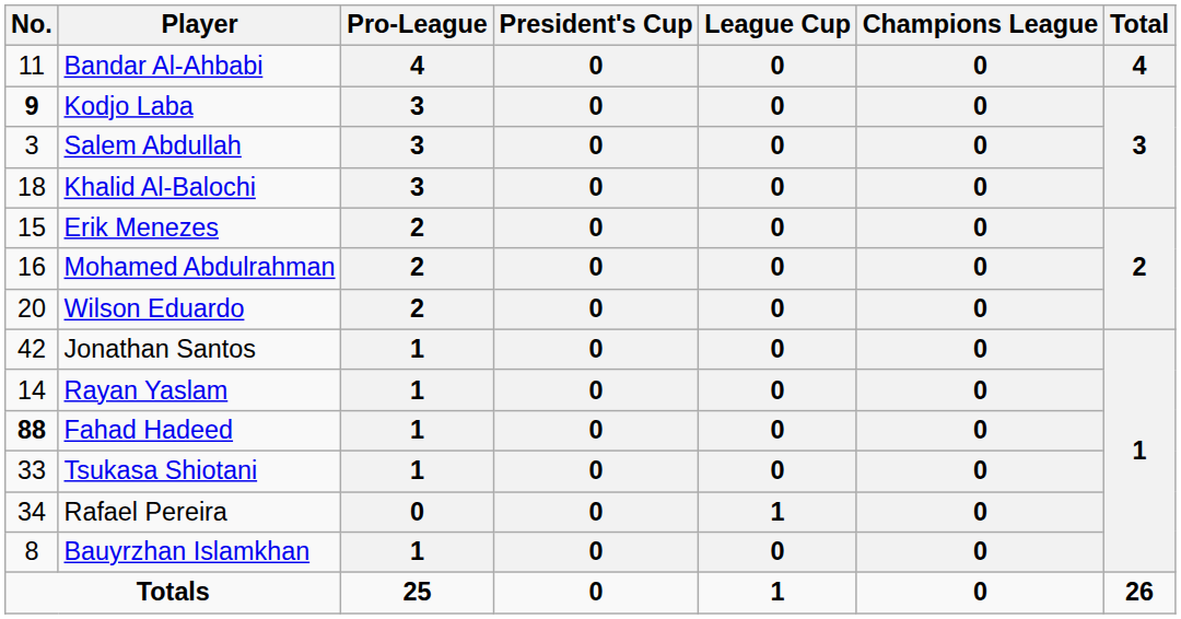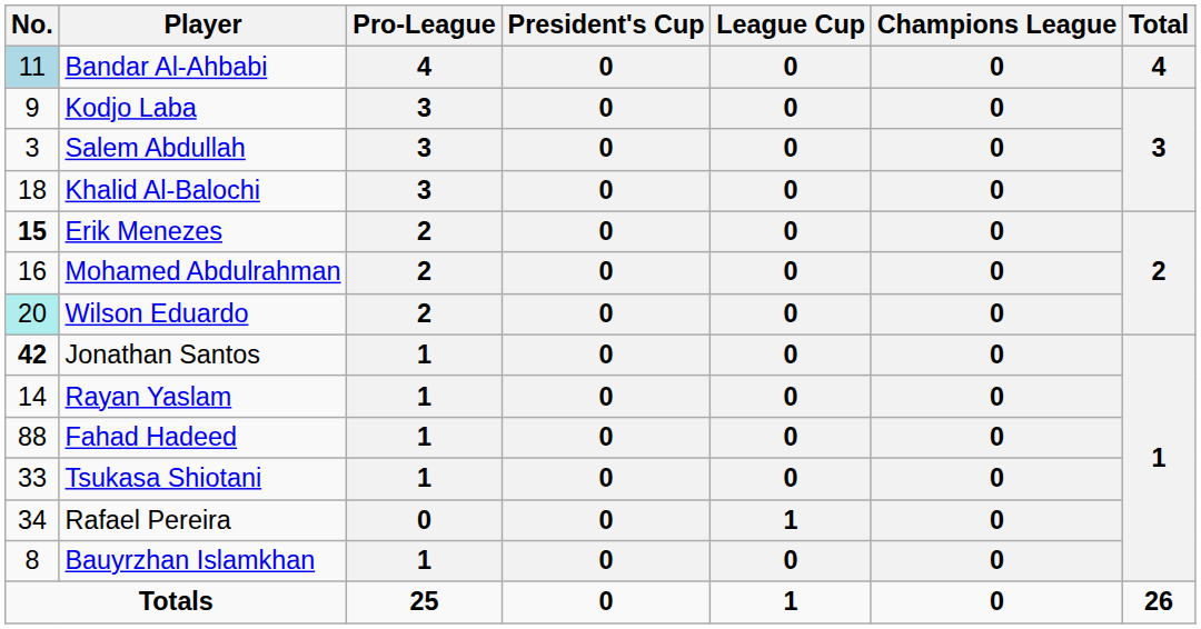 <table class=wikitable>
 <tr>
 <th>No.</th>
 <th>Player</th>
 <th>Pro-League</th>
 <th>President's Cup</th>
 <th>League Cup</th>
 <th>Champions League</th>
 <th>Total</th>
 </tr>
 <tr>
-<td align="center">11</td>
+<td align="center" style="background: lightblue;">11</td>
 <td align=left> <a href='#'>Bandar Al-Ahbabi</a></td>
 <th align="center">4</th>
 <th>0</th>
 <th>0</th>
 <th>0</th>
 <th rowspan=1 align="center"><strong>4</strong></th>
 </tr>
 <tr>
-<td align="center"><strong>9</strong></td>
+<td align="center">9</td>
 <td align=left> <a href='#'>Kodjo Laba</a></td>
 <th align="center">3</th>
 <th>0</th>
 <th>0</th>
 <th>0</th>
 <th rowspan=3 align="center"><strong>3</strong></th>
 </tr>
 <tr>
 <td align="center">3</td>
 <td align=left> <a href='#'>Salem Abdullah</a></td>
 <th align="center">3</th>
 <th>0</th>
 <th>0</th>
 <th>0</th>
 </tr>
 <tr>
 <td align="center">18</td>
 <td align=left> <a href='#'>Khalid Al-Balochi</a></td>
 <th align="center">3</th>
 <th>0</th>
 <th>0</th>
 <th>0</th>
 </tr>
 <tr>
-<td align="center">15</td>
+<td align="center"><strong>15</strong></td>
 <td align=left> <a href='#'>Erik Menezes</a></td>
 <th align="center">2</th>
 <th>0</th>
 <th>0</th>
 <th>0</th>
 <th rowspan=3 align="center"><strong>2</strong></th>
 </tr>
 <tr>
 <td align="center">16</td>
 <td align=left> <a href='#'>Mohamed Abdulrahman</a></td>
 <th align="center">2</th>
 <th>0</th>
 <th>0</th>
 <th>0</th>
 </tr>
 <tr>
-<td align="center">20</td>
+<td align="center" style="background: paleturquoise;">20</td>
 <td align=left> <a href='#'>Wilson Eduardo</a></td>
 <th align="center">2</th>
 <th>0</th>
 <th>0</th>
 <th>0</th>
 </tr>
 <tr>
-<td align="center">42</td>
+<td align="center"><strong>42</strong></td>
 <td align=left> Jonathan Santos</td>
 <th align="center">1</th>
 <th>0</th>
 <th>0</th>
 <th>0</th>
 <th rowspan=6 align="center">1</th>
 </tr>
 <tr>
 <td align="center">14</td>
 <td align=left> <a href='#'>Rayan Yaslam</a></td>
 <th align="center">1</th>
 <th>0</th>
 <th>0</th>
 <th>0</th>
 </tr>
 <tr>
-<td align="center"><strong>88</strong></td>
+<td align="center">88</td>
 <td align=left> <a href='#'>Fahad Hadeed</a></td>
 <th align="center">1</th>
 <th>0</th>
 <th>0</th>
 <th>0</th>
 </tr>
 <tr>
 <td align="center">33</td>
 <td align=left> <a href='#'>Tsukasa Shiotani</a></td>
 <th align="center">1</th>
 <th>0</th>
 <th>0</th>
 <th>0</th>
 </tr>
 <tr>
 <td align="center">34</td>
 <td align=left> Rafael Pereira</td>
 <th align="center">0</th>
 <th>0</th>
 <th>1</th>
 <th>0</th>
 </tr>
 <tr>
 <td align="center">8</td>
 <td align=left> <a href='#'>Bauyrzhan Islamkhan</a></td>
 <th align="center">1</th>
 <th>0</th>
 <th>0</th>
 <th>0</th>
 </tr>
 <tr class="sortbottom">
 <td colspan="2" align="center"><strong>Totals</strong></td>
 <td align="center"><strong>25</strong></td>
 <td align="center"><strong>0</strong></td>
 <td align="center"><strong>1</strong></td>
 <td align="center"><strong>0</strong></td>
 <td align="center"><strong>26</strong></td>
 </tr>
 </table>
